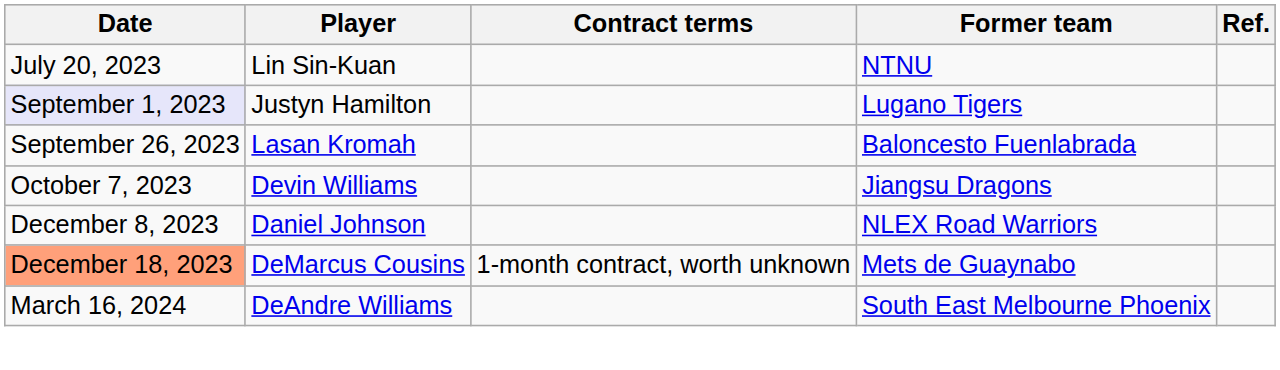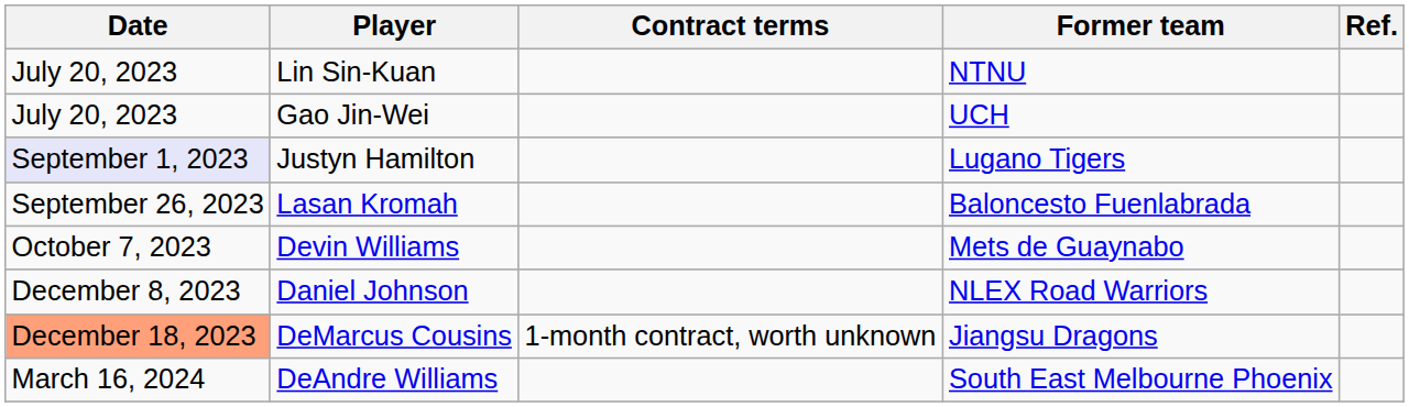 <table class="wikitable">
 <tr>
 <th>Date</th>
 <th>Player</th>
 <th>Contract terms</th>
 <th>Former team</th>
 <th>Ref.</th>
 </tr>
 <tr>
 <td>July 20, 2023</td>
 <td>Lin Sin-Kuan</td>
 <td></td>
 <td> <a href='#'>NTNU</a></td>
+<td></td>
+</tr>
+<tr>
+<td>July 20, 2023</td>
+<td>Gao Jin-Wei</td>
+<td></td>
+<td> <a href='#'>UCH</a></td>
 <td></td>
 </tr>
 <tr>
 <td style="background: lavender;">September 1, 2023</td>
 <td>Justyn Hamilton</td>
 <td></td>
 <td> <a href='#'>Lugano Tigers</a></td>
 <td></td>
 </tr>
 <tr>
 <td>September 26, 2023</td>
 <td><a href='#'>Lasan Kromah</a></td>
 <td></td>
 <td> <a href='#'>Baloncesto Fuenlabrada</a></td>
 <td></td>
 </tr>
 <tr>
 <td>October 7, 2023</td>
 <td><a href='#'>Devin Williams</a></td>
 <td></td>
-<td> <a href='#'>Jiangsu Dragons</a></td>
+<td> <a href='#'>Mets de Guaynabo</a></td>
 <td></td>
 </tr>
 <tr>
 <td>December 8, 2023</td>
 <td><a href='#'>Daniel Johnson</a></td>
 <td></td>
 <td> <a href='#'>NLEX Road Warriors</a></td>
 <td></td>
 </tr>
 <tr>
 <td style="background: lightsalmon;">December 18, 2023</td>
 <td><a href='#'>DeMarcus Cousins</a></td>
 <td>1-month contract, worth unknown</td>
-<td> <a href='#'>Mets de Guaynabo</a></td>
+<td> <a href='#'>Jiangsu Dragons</a></td>
 <td></td>
 </tr>
 <tr>
 <td>March 16, 2024</td>
 <td><a href='#'>DeAndre Williams</a></td>
 <td></td>
 <td> <a href='#'>South East Melbourne Phoenix</a></td>
 <td></td>
 </tr>
 </table>
